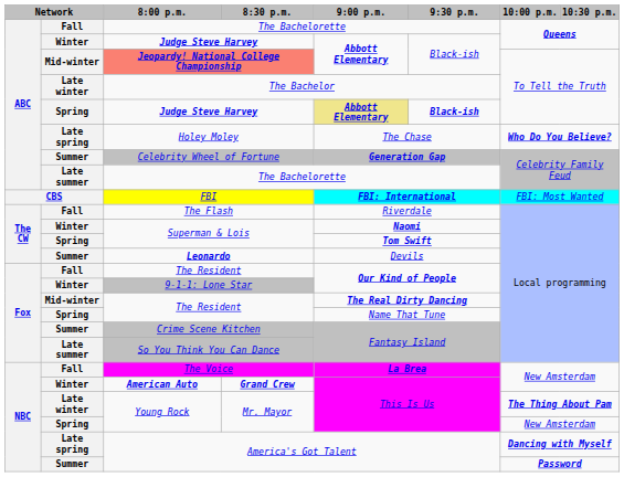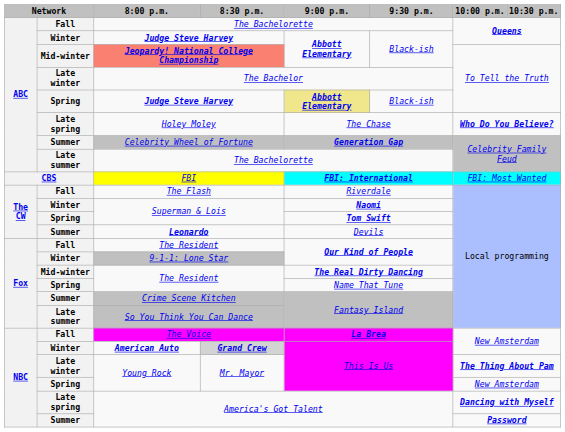 <table class="wikitable" style="width:100%;margin-right:0;text-align:center">
 <tr>
 <th colspan="2" style="background-color:#C0C0C0;text-align:center">Network</th>
 <th style="background-color:#C0C0C0;text-align:center">8:00 p.m.</th>
 <th style="background-color:#C0C0C0;text-align:center">8:30 p.m.</th>
 <th style="background-color:#C0C0C0;text-align:center">9:00 p.m.</th>
 <th style="background-color:#C0C0C0;text-align:center;width:15%">9:30 p.m.</th>
 <th style="background-color:#C0C0C0;text-align:center">10:00 p.m.</th>
 <th style="background-color:#C0C0C0;text-align:center">10:30 p.m.</th>
 </tr>
 <tr>
 <th rowspan="8"><a href='#'>ABC</a></th>
 <th>Fall</th>
 <td colspan="4"><em><a href='#'>The Bachelorette</a></em></td>
 <td rowspan="2" colspan="2"><strong><em><a href='#'>Queens</a></em></strong></td>
 </tr>
 <tr>
 <th>Winter</th>
 <td colspan="2"><strong><em><a href='#'>Judge Steve Harvey</a></em></strong></td>
 <td rowspan="2"><strong><em><a href='#'>Abbott Elementary</a></em></strong></td>
 <td rowspan="2"><em><a href='#'>Black-ish</a></em></td>
 </tr>
 <tr>
 <th>Mid-winter</th>
 <td colspan="2" style="background:#FA8072;"><strong><em><a href='#'>Jeopardy! National College Championship</a></em></strong></td>
 <td rowspan="3" colspan="2"><em><a href='#'>To Tell the Truth</a></em></td>
 </tr>
 <tr>
 <th>Late winter</th>
 <td colspan="4"><em><a href='#'>The Bachelor</a></em></td>
 </tr>
 <tr>
 <th>Spring</th>
 <td colspan="2"><strong><em><a href='#'>Judge Steve Harvey</a></em></strong></td>
 <td style="background: khaki;"><strong><em><a href='#'>Abbott Elementary</a></em></strong></td>
-<td><strong><em><a href='#'>Black-ish</a></em></strong></td>
+<td><em><a href='#'>Black-ish</a></em></td>
 </tr>
 <tr>
 <th>Late spring</th>
 <td colspan="2"><em><a href='#'>Holey Moley</a></em></td>
 <td colspan="2"><em><a href='#'>The Chase</a></em></td>
 <td colspan="2"><strong><em><a href='#'>Who Do You Believe?</a></em></strong></td>
 </tr>
 <tr>
 <th>Summer</th>
 <td colspan="2" style="background:#C0C0C0;"><em><a href='#'>Celebrity Wheel of Fortune</a></em> </td>
 <td colspan="2" style="background:#C0C0C0;"><strong><em><a href='#'>Generation Gap</a></em></strong> </td>
 <td rowspan="2" colspan="2" style="background:#C0C0C0;"><em><a href='#'>Celebrity Family Feud</a></em> </td>
 </tr>
 <tr>
 <th>Late summer</th>
 <td colspan="4"><em><a href='#'>The Bachelorette</a></em></td>
 </tr>
 <tr>
 <th colspan="2"><a href='#'>CBS</a></th>
 <td colspan="2" style="background:yellow;"><em><a href='#'>FBI</a></em> </td>
 <td colspan="2" style="background:cyan;"><strong><em><a href='#'>FBI: International</a></em></strong> </td>
 <td colspan="2" style="background:cyan;"><em><a href='#'>FBI: Most Wanted</a></em> </td>
 </tr>
 <tr>
 <th rowspan="4"><a href='#'>The CW</a></th>
 <th>Fall</th>
 <td colspan="2"><em><a href='#'>The Flash</a></em></td>
 <td colspan="2"><em><a href='#'>Riverdale</a></em></td>
 <td rowspan="10" colspan="2" style="background:#abbfff;">Local programming</td>
 </tr>
 <tr>
 <th>Winter</th>
 <td rowspan="2" colspan="2"><em><a href='#'>Superman & Lois</a></em></td>
 <td colspan="2"><strong><em><a href='#'>Naomi</a></em></strong></td>
 </tr>
 <tr>
 <th>Spring</th>
 <td colspan="2"><strong><em><a href='#'>Tom Swift</a></em></strong></td>
 </tr>
 <tr>
 <th>Summer</th>
 <td colspan="2"><strong><em><a href='#'>Leonardo</a></em></strong></td>
 <td colspan="2"><em><a href='#'>Devils</a></em></td>
 </tr>
 <tr>
 <th rowspan="6"><a href='#'>Fox</a></th>
 <th>Fall</th>
 <td colspan="2"><em><a href='#'>The Resident</a></em></td>
 <td rowspan="2" colspan="2"><strong><em><a href='#'>Our Kind of People</a></em></strong></td>
 </tr>
 <tr>
 <th>Winter</th>
 <td colspan="2" style="background:#C0C0C0;"><em><a href='#'>9-1-1: Lone Star</a></em> </td>
 </tr>
 <tr>
 <th>Mid-winter</th>
 <td rowspan="2" colspan="2"><em><a href='#'>The Resident</a></em></td>
 <td colspan="2"><strong><em><a href='#'>The Real Dirty Dancing</a></em></strong></td>
 </tr>
 <tr>
 <th>Spring</th>
 <td colspan="2"><em><a href='#'>Name That Tune</a></em></td>
 </tr>
 <tr>
 <th>Summer</th>
 <td colspan="2" style="background:#C0C0C0;"><em><a href='#'>Crime Scene Kitchen</a></em> </td>
 <td rowspan="2" colspan="2" style="background:#C0C0C0;"><em><a href='#'>Fantasy Island</a></em> </td>
 </tr>
 <tr>
 <th>Late summer</th>
 <td colspan="2" style="background:#C0C0C0;"><em><a href='#'>So You Think You Can Dance</a></em> </td>
 </tr>
 <tr>
 <th rowspan="6"><a href='#'>NBC</a></th>
 <th>Fall</th>
 <td colspan="2" style="background:magenta;"><em><a href='#'>The Voice</a></em> </td>
 <td colspan="2" style="background:magenta;"><strong><em><a href='#'>La Brea</a></em></strong> </td>
 <td rowspan="2" colspan="2"><em><a href='#'>New Amsterdam</a></em></td>
 </tr>
 <tr>
 <th>Winter</th>
 <td><strong><em><a href='#'>American Auto</a></em></strong></td>
-<td><strong><em><a href='#'>Grand Crew</a></em></strong></td>
+<td style="background: lightgrey;"><strong><em><a href='#'>Grand Crew</a></em></strong></td>
 <td rowspan="3" colspan="2" style="background:magenta;"><em><a href='#'>This Is Us</a></em> </td>
 </tr>
 <tr>
 <th>Late winter</th>
 <td rowspan="2"><em><a href='#'>Young Rock</a></em></td>
 <td rowspan="2"><em><a href='#'>Mr. Mayor</a></em></td>
 <td colspan="2"><strong><em><a href='#'>The Thing About Pam</a></em></strong></td>
 </tr>
 <tr>
 <th>Spring</th>
 <td colspan="2"><em><a href='#'>New Amsterdam</a></em></td>
 </tr>
 <tr>
 <th>Late spring</th>
 <td rowspan="2" colspan="4"><em><a href='#'>America's Got Talent</a></em></td>
 <td colspan="2"><strong><em><a href='#'>Dancing with Myself</a></em></strong></td>
 </tr>
 <tr>
 <th>Summer</th>
 <td colspan="2"><strong><em><a href='#'>Password</a></em></strong></td>
 </tr>
 </table>
